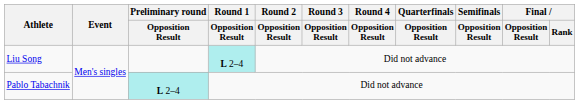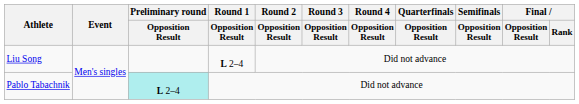 <table class="wikitable" style="font-size:90%">
 <tr>
 <th rowspan="2">Athlete</th>
 <th rowspan="2">Event</th>
 <th>Preliminary round</th>
 <th>Round 1</th>
 <th>Round 2</th>
 <th>Round 3</th>
 <th>Round 4</th>
 <th>Quarterfinals</th>
 <th>Semifinals</th>
 <th colspan=2>Final / </th>
 </tr>
 <tr style="font-size:95%">
 <th>Opposition<br>Result</th>
 <th>Opposition<br>Result</th>
 <th>Opposition<br>Result</th>
 <th>Opposition<br>Result</th>
 <th>Opposition<br>Result</th>
 <th>Opposition<br>Result</th>
 <th>Opposition<br>Result</th>
 <th>Opposition<br>Result</th>
 <th>Rank</th>
 </tr>
 <tr align=center>
 <td align=left><a href='#'>Liu Song</a></td>
 <td align=left rowspan=2><a href='#'>Men's singles</a></td>
 <td></td>
-<td style="background: paleturquoise;"><br> <strong>L</strong> 2–4</td>
+<td><br> <strong>L</strong> 2–4</td>
 <td colspan=7>Did not advance</td>
 </tr>
 <tr align=center>
 <td align=left><a href='#'>Pablo Tabachnik</a></td>
 <td style="background: paleturquoise;"><br><strong>L</strong> 2–4</td>
 <td colspan=8>Did not advance</td>
 </tr>
 </table>
